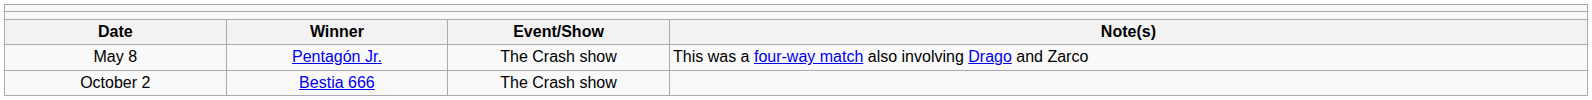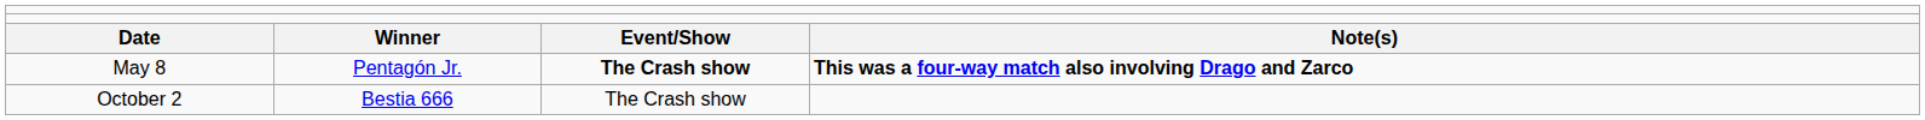 <table class="wikitable" style="text-align:center; width:100%;">
 <tr>
 <td colspan="5"></td>
 </tr>
 <tr>
 <td colspan="5"><strong></strong></td>
 </tr>
 <tr>
 <th width=14%>Date</th>
 <th width=14%>Winner</th>
 <th width=14%>Event/Show</th>
 <th width=58%>Note(s)</th>
 </tr>
 <tr>
 <td>May 8</td>
 <td><a href='#'>Pentagón Jr.</a></td>
-<td>The Crash show</td>
-<td align=left>This was a <a href='#'>four-way match</a> also involving <a href='#'>Drago</a> and Zarco</td>
+<td><strong>The Crash show</strong></td>
+<td align=left><strong>This was a <a href='#'>four-way match</a> also involving <a href='#'>Drago</a> and Zarco</strong></td>
 </tr>
 <tr>
 <td>October 2</td>
 <td><a href='#'>Bestia 666</a></td>
 <td>The Crash show</td>
 <td align=left></td>
 </tr>
 </table>
